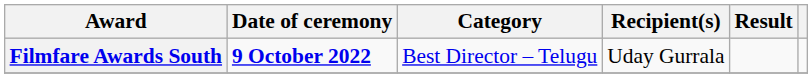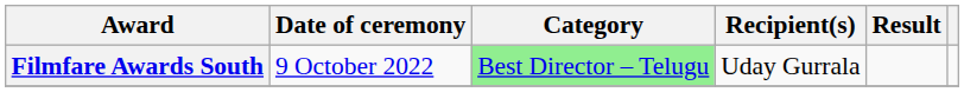 <table class="wikitable sortable plainrowheaders">
 <tr>
 <th scope="col">Award</th>
 <th scope="col">Date of ceremony</th>
 <th scope="col">Category</th>
 <th scope="col">Recipient(s)</th>
 <th scope="col">Result</th>
 <th scope="col" class="unsortable"></th>
 </tr>
 <tr>
 <th scope="row"><a href='#'>Filmfare Awards South</a></th>
-<td><strong><a href='#'>9 October 2022</a></strong></td>
-<td><a href='#'>Best Director – Telugu</a></td>
+<td><a href='#'>9 October 2022</a></td>
+<td style="background: lightgreen;"><a href='#'>Best Director – Telugu</a></td>
 <td>Uday Gurrala</td>
 <td></td>
 <td></td>
 </tr>
 <tr>
 </tr>
 </table>
